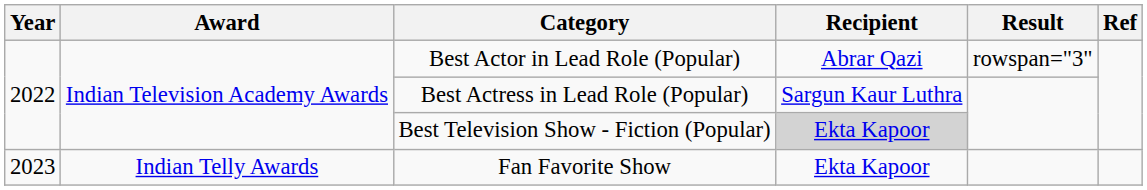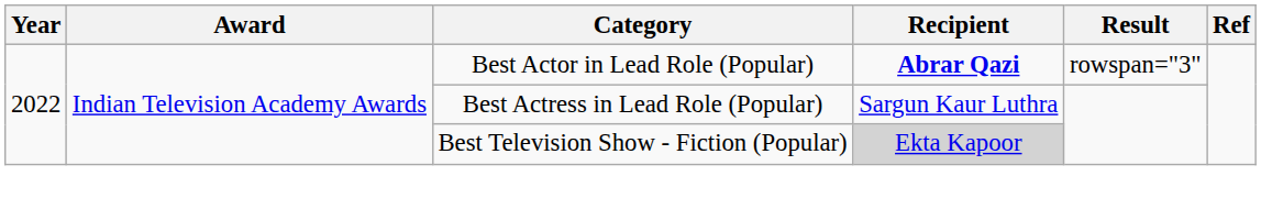 <table class="wikitable" style="text-align:center;">
 <tr>
 <th>Year</th>
 <th>Award</th>
 <th>Category</th>
 <th>Recipient</th>
 <th>Result</th>
 <th>Ref</th>
 </tr>
 <tr>
 <td rowspan="3">2022</td>
 <td rowspan="3"><a href='#'>Indian Television Academy Awards</a></td>
 <td>Best Actor in Lead Role (Popular)</td>
-<td><a href='#'>Abrar Qazi</a></td>
+<td><strong><a href='#'>Abrar Qazi</a></strong></td>
 <td>rowspan="3" </td>
 <td rowspan="3"></td>
 </tr>
 <tr>
 <td>Best Actress in Lead Role (Popular)</td>
 <td><a href='#'>Sargun Kaur Luthra</a></td>
 </tr>
 <tr>
 <td>Best Television Show - Fiction (Popular)</td>
 <td style="background: lightgrey;"><a href='#'>Ekta Kapoor</a></td>
 </tr>
-<tr>
-<td>2023</td>
-<td><a href='#'>Indian Telly Awards</a></td>
-<td>Fan Favorite Show</td>
-<td><a href='#'>Ekta Kapoor</a></td>
-<td></td>
-<td></td>
-</tr>
 </table>
